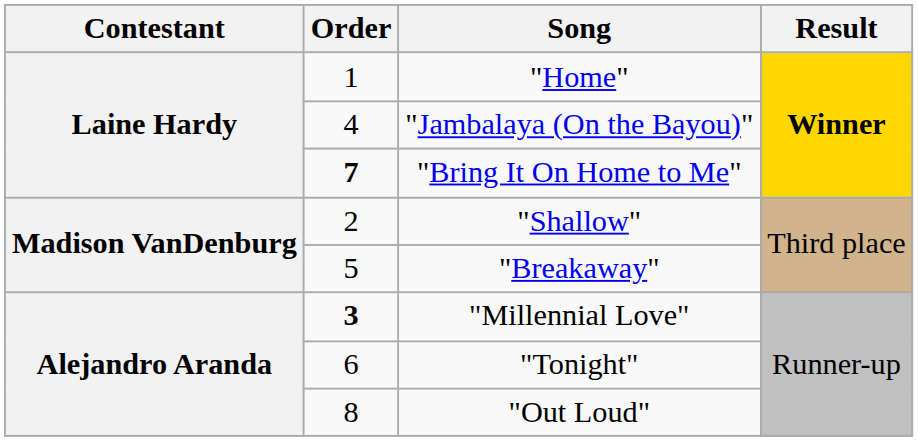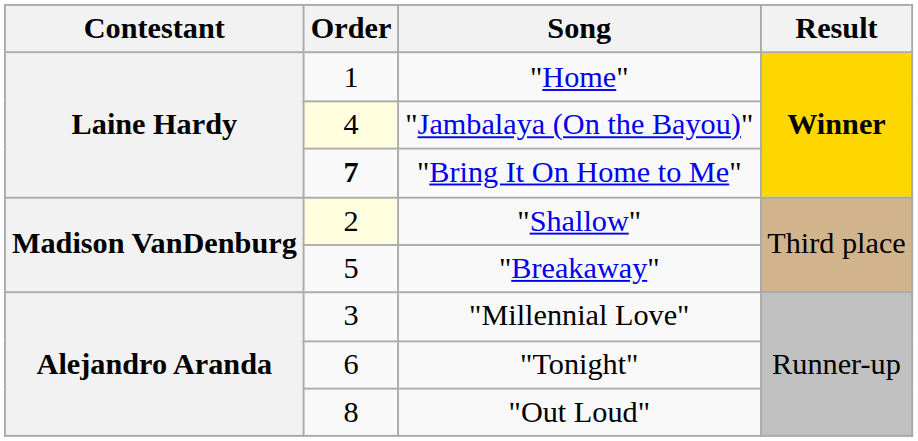 <table class="wikitable unsortable" style="text-align:center;">
 <tr>
 <th scope="col">Contestant</th>
 <th scope="col">Order</th>
 <th scope="col">Song</th>
 <th scope="col">Result</th>
 </tr>
 <tr>
 <th scope="row" rowspan="3">Laine Hardy</th>
 <td>1</td>
 <td>"<a href='#'>Home</a>"</td>
 <td rowspan="3" bgcolor="gold"><strong>Winner</strong></td>
 </tr>
 <tr>
-<td>4</td>
+<td style="background: lightyellow;">4</td>
 <td>"<a href='#'>Jambalaya (On the Bayou)</a>"</td>
 </tr>
 <tr>
 <td><strong>7</strong></td>
 <td>"<a href='#'>Bring It On Home to Me</a>"</td>
 </tr>
 <tr>
 <th scope="row" rowspan="2">Madison VanDenburg</th>
-<td>2</td>
+<td style="background: lightyellow;">2</td>
 <td>"<a href='#'>Shallow</a>"</td>
 <td rowspan="2" bgcolor="tan">Third place</td>
 </tr>
 <tr>
 <td>5</td>
 <td>"<a href='#'>Breakaway</a>"</td>
 </tr>
 <tr>
 <th scope="row" rowspan="3">Alejandro Aranda</th>
-<td><strong>3</strong></td>
+<td>3</td>
 <td>"Millennial Love"</td>
 <td rowspan="3" bgcolor="silver">Runner-up</td>
 </tr>
 <tr>
 <td>6</td>
 <td>"Tonight"</td>
 </tr>
 <tr>
 <td>8</td>
 <td>"Out Loud"</td>
 </tr>
 </table>
